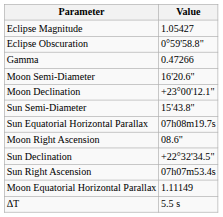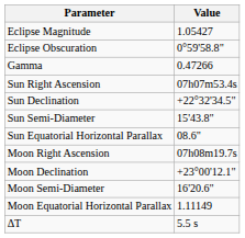 <table class="wikitable">
 <tr>
 <th>Parameter</th>
 <th>Value</th>
 </tr>
 <tr>
 <td>Eclipse Magnitude</td>
 <td>1.05427</td>
 </tr>
 <tr>
 <td>Eclipse Obscuration</td>
 <td>0°59'58.8"</td>
 </tr>
 <tr>
 <td>Gamma</td>
 <td>0.47266</td>
 </tr>
 <tr>
-<td>Moon Semi-Diameter</td>
-<td>16'20.6"</td>
+<td>Sun Right Ascension</td>
+<td>07h07m53.4s</td>
 </tr>
 <tr>
-<td>Moon Declination</td>
-<td>+23°00'12.1"</td>
+<td>Sun Declination</td>
+<td>+22°32'34.5"</td>
 </tr>
 <tr>
 <td>Sun Semi-Diameter</td>
 <td>15'43.8"</td>
 </tr>
 <tr>
 <td>Sun Equatorial Horizontal Parallax</td>
+<td>08.6"</td>
+</tr>
+<tr>
+<td>Moon Right Ascension</td>
 <td>07h08m19.7s</td>
 </tr>
 <tr>
-<td>Moon Right Ascension</td>
-<td>08.6"</td>
+<td>Moon Declination</td>
+<td>+23°00'12.1"</td>
 </tr>
 <tr>
-<td>Sun Declination</td>
-<td>+22°32'34.5"</td>
-</tr>
-<tr>
-<td>Sun Right Ascension</td>
-<td>07h07m53.4s</td>
+<td>Moon Semi-Diameter</td>
+<td>16'20.6"</td>
 </tr>
 <tr>
 <td>Moon Equatorial Horizontal Parallax</td>
 <td>1.11149</td>
 </tr>
 <tr>
 <td>ΔT</td>
 <td>5.5 s</td>
 </tr>
 </table>
